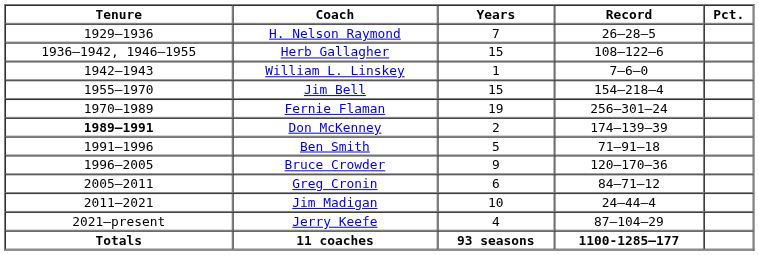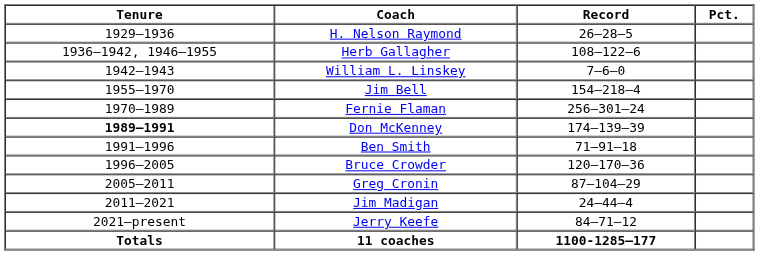 <table cellpadding="1" border="1" cellspacing="0" width="60%">
 <tr>
 <th>Tenure</th>
 <th>Coach</th>
-<th>Years</th>
 <th>Record</th>
 <th>Pct.</th>
 </tr>
 <tr align="center">
 <td>1929–1936</td>
 <td><a href='#'>H. Nelson Raymond</a></td>
-<td>7</td>
 <td>26–28–5</td>
 <td></td>
 </tr>
 <tr align="center">
 <td>1936–1942, 1946–1955</td>
 <td><a href='#'>Herb Gallagher</a></td>
-<td>15</td>
 <td>108–122–6</td>
 <td></td>
 </tr>
 <tr align="center">
 <td>1942–1943</td>
 <td><a href='#'>William L. Linskey</a></td>
-<td>1</td>
 <td>7–6–0</td>
 <td></td>
 </tr>
 <tr align="center">
 <td>1955–1970</td>
 <td><a href='#'>Jim Bell</a></td>
-<td>15</td>
 <td>154–218–4</td>
 <td></td>
 </tr>
 <tr align="center">
 <td>1970–1989</td>
 <td><a href='#'>Fernie Flaman</a></td>
-<td>19</td>
 <td>256–301–24</td>
 <td></td>
 </tr>
 <tr align="center">
 <td><strong>1989–1991</strong></td>
 <td><a href='#'>Don McKenney</a></td>
-<td>2</td>
 <td>174–139–39</td>
 <td></td>
 </tr>
 <tr align="center">
 <td>1991–1996</td>
 <td><a href='#'>Ben Smith</a></td>
-<td>5</td>
 <td>71–91–18</td>
 <td></td>
 </tr>
 <tr align="center">
 <td>1996–2005</td>
 <td><a href='#'>Bruce Crowder</a></td>
-<td>9</td>
 <td>120–170–36</td>
 <td></td>
 </tr>
 <tr align="center">
 <td>2005–2011</td>
 <td><a href='#'>Greg Cronin</a></td>
-<td>6</td>
-<td>84–71–12</td>
+<td>87–104–29</td>
 <td></td>
 </tr>
 <tr align="center">
 <td>2011–2021</td>
 <td><a href='#'>Jim Madigan</a></td>
-<td>10</td>
 <td>24–44–4</td>
 <td></td>
 </tr>
 <tr align=center>
 <td>2021–present</td>
 <td><a href='#'>Jerry Keefe</a></td>
-<td>4</td>
-<td>87–104–29</td>
+<td>84–71–12</td>
 <td></td>
 </tr>
 <tr align=center>
 <th>Totals</th>
 <th>11 coaches</th>
-<th>93 seasons</th>
 <th>1100-1285–177</th>
 <th></th>
 </tr>
 </table>
